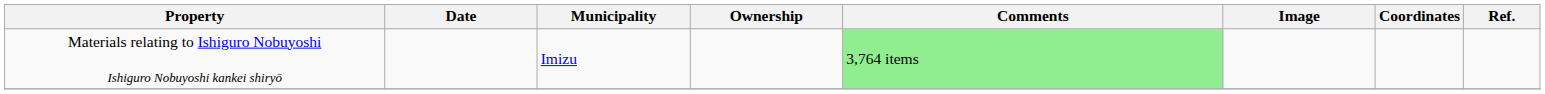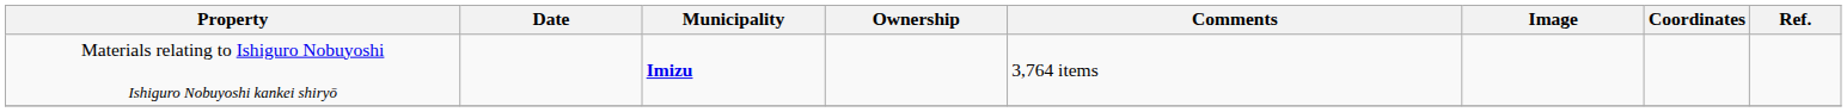 <table class="wikitable sortable"  style="width:100%;">
 <tr>
 <th width="25%" align="left">Property</th>
 <th width="10%" align="left">Date</th>
 <th width="10%" align="left">Municipality</th>
 <th width="10%" align="left">Ownership</th>
 <th width="25%" align="left" class="unsortable">Comments</th>
 <th width="10%" align="left" class="unsortable">Image</th>
 <th width="5%" align="left" class="unsortable">Coordinates</th>
 <th width="5%" align="left" class="unsortable">Ref.</th>
 </tr>
 <tr>
 <td align="center">Materials relating to <a href='#'>Ishiguro Nobuyoshi</a><br><br><small><em>Ishiguro Nobuyoshi kankei shiryō</em></small></td>
 <td></td>
-<td><a href='#'>Imizu</a></td>
+<td><strong><a href='#'>Imizu</a></strong></td>
 <td></td>
-<td style="background: lightgreen;">3,764 items</td>
+<td>3,764 items</td>
 <td></td>
 <td></td>
 <td></td>
 </tr>
 <tr>
 </tr>
 </table>
